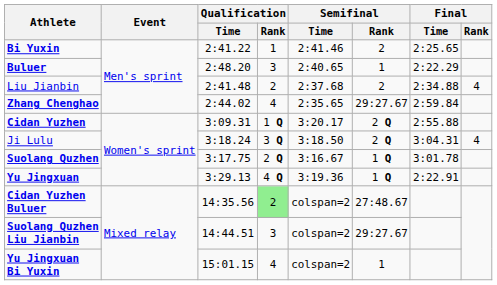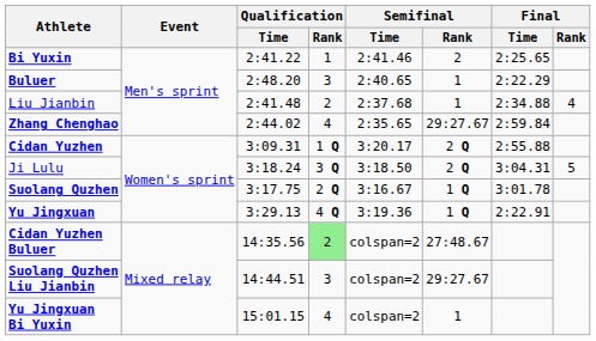 <table class="wikitable" style="font-size:90%">
 <tr>
 <th rowspan=2>Athlete</th>
 <th rowspan=2>Event</th>
 <th colspan=2>Qualification</th>
 <th colspan=2>Semifinal</th>
 <th colspan=2>Final</th>
 </tr>
 <tr style="font-size:95%">
 <th>Time</th>
 <th>Rank</th>
 <th>Time</th>
 <th>Rank</th>
 <th>Time</th>
 <th>Rank</th>
 </tr>
 <tr align=center>
 <td align=left><strong><a href='#'>Bi Yuxin</a></strong></td>
 <td align=left rowspan=4><a href='#'>Men's sprint</a></td>
 <td>2:41.22</td>
 <td>1</td>
 <td>2:41.46</td>
 <td>2</td>
 <td>2:25.65</td>
 <td></td>
 </tr>
 <tr align=center>
 <td align=left><strong><a href='#'>Buluer</a></strong></td>
 <td>2:48.20</td>
 <td>3</td>
 <td>2:40.65</td>
 <td>1</td>
 <td>2:22.29</td>
 <td></td>
 </tr>
 <tr align=center>
 <td align=left><a href='#'>Liu Jianbin</a></td>
 <td>2:41.48</td>
 <td>2</td>
 <td>2:37.68</td>
-<td>2</td>
+<td>1</td>
 <td>2:34.88</td>
 <td>4</td>
 </tr>
 <tr align=center>
 <td align=left><strong><a href='#'>Zhang Chenghao</a></strong></td>
 <td>2:44.02</td>
 <td>4</td>
 <td>2:35.65</td>
 <td>29:27.67</td>
 <td>2:59.84</td>
 <td></td>
 </tr>
 <tr align=center>
 <td align=left><strong><a href='#'>Cidan Yuzhen</a></strong></td>
 <td align=left rowspan=4><a href='#'>Women's sprint</a></td>
 <td>3:09.31</td>
 <td>1 <strong>Q</strong></td>
 <td>3:20.17</td>
 <td>2 <strong>Q</strong></td>
 <td>2:55.88</td>
 <td></td>
 </tr>
 <tr align=center>
 <td align=left><a href='#'>Ji Lulu</a></td>
 <td>3:18.24</td>
 <td>3 <strong>Q</strong></td>
 <td>3:18.50</td>
 <td>2 <strong>Q</strong></td>
 <td>3:04.31</td>
-<td>4</td>
+<td>5</td>
 </tr>
 <tr align=center>
 <td align=left><strong><a href='#'>Suolang Quzhen</a></strong></td>
 <td>3:17.75</td>
 <td>2 <strong>Q</strong></td>
 <td>3:16.67</td>
 <td>1 <strong>Q</strong></td>
 <td>3:01.78</td>
 <td></td>
 </tr>
 <tr align=center>
 <td align=left><strong><a href='#'>Yu Jingxuan</a></strong></td>
 <td>3:29.13</td>
 <td>4 <strong>Q</strong></td>
 <td>3:19.36</td>
 <td>1 <strong>Q</strong></td>
 <td>2:22.91</td>
 <td></td>
 </tr>
 <tr align=center>
 <td align=left><strong><a href='#'>Cidan Yuzhen</a><br><a href='#'>Buluer</a></strong></td>
 <td align=left rowspan=3><a href='#'>Mixed relay</a></td>
 <td>14:35.56</td>
 <td style="background: lightgreen;">2</td>
 <td>colspan=2 </td>
 <td>27:48.67</td>
 <td></td>
 </tr>
 <tr align=center>
 <td align=left><strong><a href='#'>Suolang Quzhen</a><br><a href='#'>Liu Jianbin</a></strong></td>
 <td>14:44.51</td>
 <td>3</td>
 <td>colspan=2 </td>
 <td>29:27.67</td>
 <td></td>
 </tr>
 <tr align=center>
 <td align=left><strong><a href='#'>Yu Jingxuan</a><br><a href='#'>Bi Yuxin</a></strong></td>
 <td>15:01.15</td>
 <td>4</td>
 <td>colspan=2 </td>
 <td>1</td>
 <td></td>
 </tr>
 </table>
